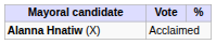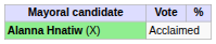 <table class="wikitable">
 <tr>
 <th style="background:#ddf; width:200px;">Mayoral candidate</th>
 <th style="background:#ddf; width:50px;">Vote</th>
 <th style="background:#ddf; width:30px;">%</th>
 </tr>
 <tr>
-<td><strong>Alanna Hnatiw</strong> (X)</td>
+<td style="background: lightgreen;"><strong>Alanna Hnatiw</strong> (X)</td>
 <td colspan="2">Acclaimed</td>
 </tr>
 </table>
